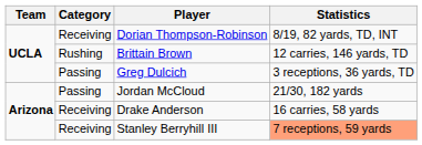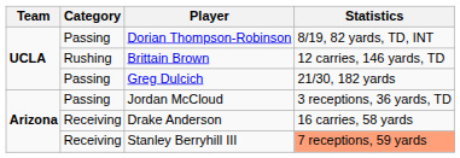 <table class="wikitable" style="float: right;">
 <tr>
 <th>Team</th>
 <th>Category</th>
 <th>Player</th>
 <th>Statistics</th>
 </tr>
 <tr>
 <td rowspan=3><strong>UCLA</strong></td>
-<td>Receiving</td>
+<td>Passing</td>
 <td><a href='#'>Dorian Thompson-Robinson</a></td>
 <td>8/19, 82 yards, TD, INT</td>
 </tr>
 <tr>
 <td>Rushing</td>
 <td><a href='#'>Brittain Brown</a></td>
 <td>12 carries, 146 yards, TD</td>
 </tr>
 <tr>
 <td>Passing</td>
 <td><a href='#'>Greg Dulcich</a></td>
-<td>3 receptions, 36 yards, TD</td>
+<td>21/30, 182 yards</td>
 </tr>
 <tr>
 <td rowspan=3><strong>Arizona</strong></td>
 <td>Passing</td>
 <td>Jordan McCloud</td>
-<td>21/30, 182 yards</td>
+<td>3 receptions, 36 yards, TD</td>
 </tr>
 <tr>
 <td>Receiving</td>
 <td>Drake Anderson</td>
 <td>16 carries, 58 yards</td>
 </tr>
 <tr>
 <td>Receiving</td>
 <td>Stanley Berryhill III</td>
 <td style="background: lightsalmon;">7 receptions, 59 yards</td>
 </tr>
 </table>
